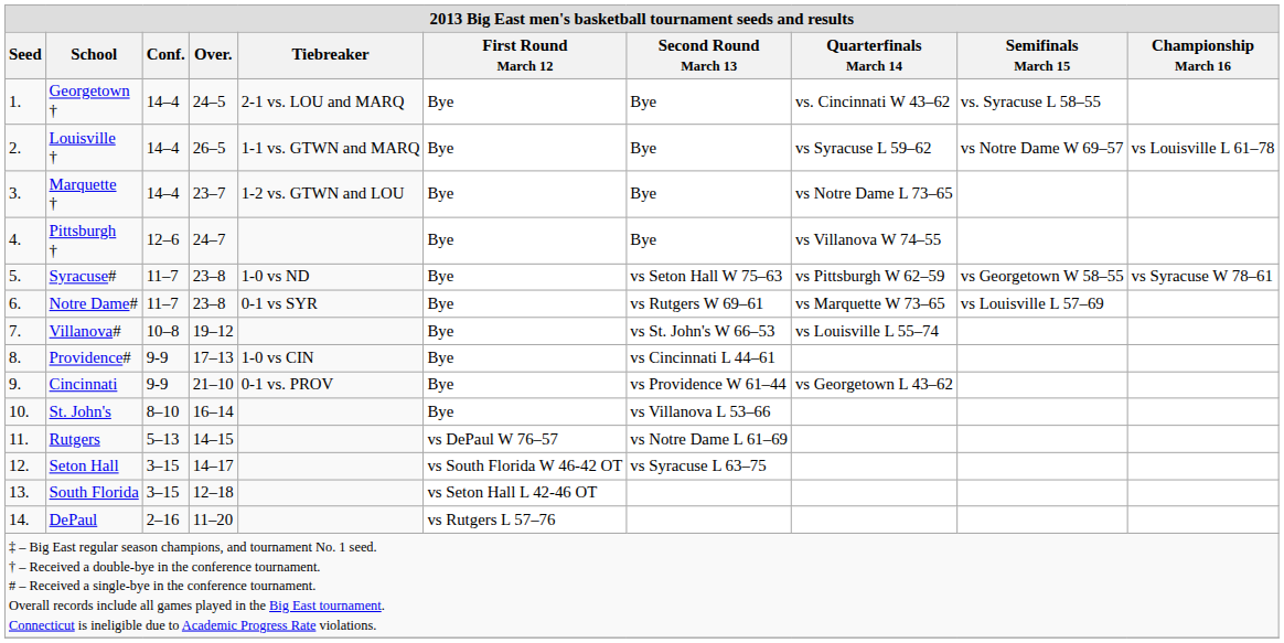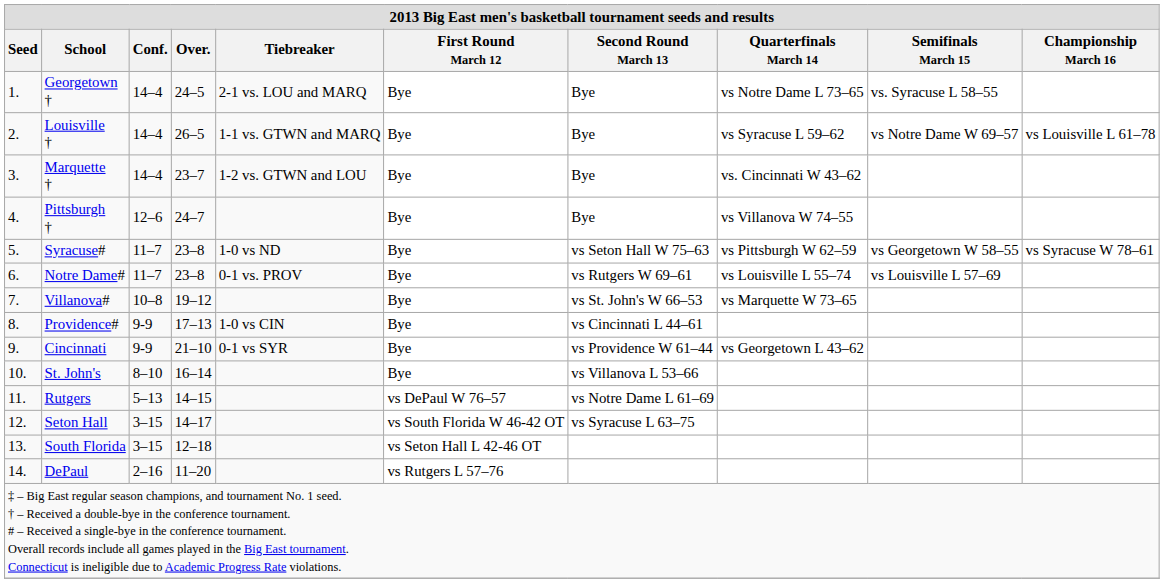 <table class="wikitable" style="white-space:nowrap; font-size:90%;">
 <tr>
 <td colspan="10" style="text-align:center; background:#DDDDDD; font:#000000"><strong>2013 Big East men's basketball tournament seeds and results</strong></td>
 </tr>
 <tr bgcolor="#efefef">
 <th>Seed</th>
 <th>School</th>
 <th>Conf.</th>
 <th>Over.</th>
 <th>Tiebreaker</th>
 <th>First Round<br><small>March 12</small></th>
 <th>Second Round<br><small>March 13</small></th>
 <th>Quarterfinals<br><small>March 14</small></th>
 <th>Semifinals<br><small>March 15</small></th>
 <th>Championship<br><small>March 16</small></th>
 </tr>
 <tr>
 <td>1.</td>
 <td><a href='#'>Georgetown</a><br>†</td>
 <td>14–4</td>
 <td>24–5</td>
 <td>2-1 vs. LOU and MARQ</td>
 <td style="background:#fff;">Bye</td>
 <td style="background:#fff;">Bye</td>
-<td style="background:#fff;">vs. Cincinnati W 43–62</td>
+<td style="background:#fff;">vs Notre Dame L 73–65</td>
 <td style="background:#fff;">vs. Syracuse L 58–55</td>
 <td style="background:#fff;"></td>
 </tr>
 <tr>
 <td>2.</td>
 <td><a href='#'>Louisville</a><br>†</td>
 <td>14–4</td>
 <td>26–5</td>
 <td>1-1 vs. GTWN and MARQ</td>
 <td style="background:#fff;">Bye</td>
 <td style="background:#fff;">Bye</td>
 <td style="background:#fff;">vs Syracuse L 59–62</td>
 <td style="background:#fff;">vs Notre Dame W 69–57</td>
 <td style="background:#fff;">vs Louisville L 61–78</td>
 </tr>
 <tr>
 <td>3.</td>
 <td><a href='#'>Marquette</a><br>†</td>
 <td>14–4</td>
 <td>23–7</td>
 <td>1-2 vs. GTWN and LOU</td>
 <td style="background:#fff;">Bye</td>
 <td style="background:#fff;">Bye</td>
-<td style="background:#fff;">vs Notre Dame L 73–65</td>
+<td style="background:#fff;">vs. Cincinnati W 43–62</td>
 <td style="background:#fff;"></td>
 <td style="background:#fff;"></td>
 </tr>
 <tr>
 <td>4.</td>
 <td><a href='#'>Pittsburgh</a><br>†</td>
 <td>12–6</td>
 <td>24–7</td>
 <td></td>
 <td style="background:#fff;">Bye</td>
 <td style="background:#fff;">Bye</td>
 <td style="background:#fff;">vs Villanova W 74–55</td>
 <td style="background:#fff;"></td>
 <td style="background:#fff;"></td>
 </tr>
 <tr>
 <td>5.</td>
 <td><a href='#'>Syracuse</a>#</td>
 <td>11–7</td>
 <td>23–8</td>
 <td>1-0 vs ND</td>
 <td style="background:#fff;">Bye</td>
 <td style="background:#fff;">vs Seton Hall W 75–63</td>
 <td style="background:#fff;">vs Pittsburgh W 62–59</td>
 <td style="background:#fff;">vs Georgetown W 58–55</td>
 <td style="background:#fff;">vs Syracuse W 78–61</td>
 </tr>
 <tr>
 <td>6.</td>
 <td><a href='#'>Notre Dame</a>#</td>
 <td>11–7</td>
 <td>23–8</td>
-<td>0-1 vs SYR</td>
+<td>0-1 vs. PROV</td>
 <td style="background:#fff;">Bye</td>
 <td style="background:#fff;">vs Rutgers W 69–61</td>
-<td style="background:#fff;">vs Marquette W 73–65</td>
+<td style="background:#fff;">vs Louisville L 55–74</td>
 <td style="background:#fff;">vs Louisville L 57–69</td>
 <td style="background:#fff;"></td>
 </tr>
 <tr>
 <td>7.</td>
 <td><a href='#'>Villanova</a>#</td>
 <td>10–8</td>
 <td>19–12</td>
 <td></td>
 <td style="background:#fff;">Bye</td>
 <td style="background:#fff;">vs St. John's W 66–53</td>
-<td style="background:#fff;">vs Louisville L 55–74</td>
+<td style="background:#fff;">vs Marquette W 73–65</td>
 <td style="background:#fff;"></td>
 <td style="background:#fff;"></td>
 </tr>
 <tr>
 <td>8.</td>
 <td><a href='#'>Providence</a>#</td>
 <td>9-9</td>
 <td>17–13</td>
 <td>1-0 vs CIN</td>
 <td style="background:#fff;">Bye</td>
 <td style="background:#fff;">vs Cincinnati L 44–61</td>
 <td style="background:#fff;"></td>
 <td style="background:#fff;"></td>
 <td style="background:#fff;"></td>
 </tr>
 <tr>
 <td>9.</td>
 <td><a href='#'>Cincinnati</a></td>
 <td>9-9</td>
 <td>21–10</td>
-<td>0-1 vs. PROV</td>
+<td>0-1 vs SYR</td>
 <td style="background:#fff;">Bye</td>
 <td style="background:#fff;">vs Providence W 61–44</td>
 <td style="background:#fff;">vs Georgetown L 43–62</td>
 <td style="background:#fff;"></td>
 <td style="background:#fff;"></td>
 </tr>
 <tr>
 <td>10.</td>
 <td><a href='#'>St. John's</a></td>
 <td>8–10</td>
 <td>16–14</td>
 <td></td>
 <td style="background:#fff;">Bye</td>
 <td style="background:#fff;">vs Villanova L 53–66</td>
 <td style="background:#fff;"></td>
 <td style="background:#fff;"></td>
 <td style="background:#fff;"></td>
 </tr>
 <tr>
 <td>11.</td>
 <td><a href='#'>Rutgers</a></td>
 <td>5–13</td>
 <td>14–15</td>
 <td></td>
 <td style="background:#fff;">vs DePaul W 76–57</td>
 <td style="background:#fff;">vs Notre Dame L 61–69</td>
 <td style="background:#fff;"></td>
 <td style="background:#fff;"></td>
 <td style="background:#fff;"></td>
 </tr>
 <tr>
 <td>12.</td>
 <td><a href='#'>Seton Hall</a></td>
 <td>3–15</td>
 <td>14–17</td>
 <td></td>
 <td style="background:#fff;">vs South Florida W 46-42 OT</td>
 <td style="background:#fff;">vs Syracuse L 63–75</td>
 <td style="background:#fff;"></td>
 <td style="background:#fff;"></td>
 <td style="background:#fff;"></td>
 </tr>
 <tr>
 <td>13.</td>
 <td><a href='#'>South Florida</a></td>
 <td>3–15</td>
 <td>12–18</td>
 <td></td>
 <td style="background:#fff;">vs Seton Hall L 42-46 OT</td>
 <td style="background:#fff;"></td>
 <td style="background:#fff;"></td>
 <td style="background:#fff;"></td>
 <td style="background:#fff;"></td>
 </tr>
 <tr>
 <td>14.</td>
 <td><a href='#'>DePaul</a></td>
 <td>2–16</td>
 <td>11–20</td>
 <td></td>
 <td style="background:#fff;">vs Rutgers L 57–76</td>
 <td style="background:#fff;"></td>
 <td style="background:#fff;"></td>
 <td style="background:#fff;"></td>
 <td style="background:#fff;"></td>
 </tr>
 <tr>
 <td colspan="10" style="text-align:left;"><small>‡ – Big East regular season champions, and tournament No. 1 seed.<br>† – Received a double-bye in the conference tournament.<br># – Received a single-bye in the conference tournament.<br>Overall records include all games played in the <a href='#'>Big East tournament</a>.<br><a href='#'>Connecticut</a> is ineligible due to <a href='#'>Academic Progress Rate</a> violations.</small></td>
 </tr>
 <tr>
 </tr>
 </table>
